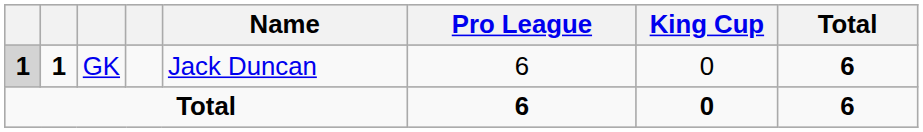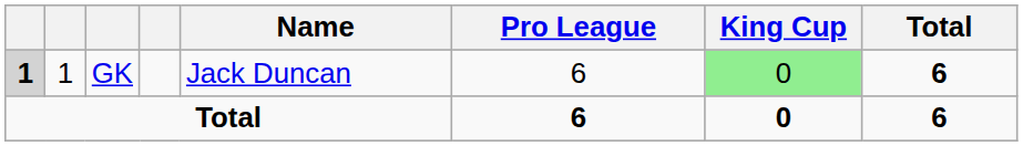 <table class="wikitable" style="text-align:center">
 <tr>
 <th width=15></th>
 <th width=15></th>
 <th width=15></th>
 <th width=15></th>
 <th width=145>Name</th>
 <th width=135><a href='#'>Pro League</a></th>
 <th width=80><a href='#'>King Cup</a></th>
 <th width=80>Total</th>
 </tr>
 <tr>
 <td style="background: lightgrey;"><strong>1</strong></td>
-<td><strong>1</strong></td>
+<td>1</td>
 <td><a href='#'>GK</a></td>
 <td></td>
 <td align=left><a href='#'>Jack Duncan</a></td>
 <td>6</td>
-<td>0</td>
+<td style="background: lightgreen;">0</td>
 <td><strong>6</strong></td>
 </tr>
 <tr>
 <td colspan=5><strong>Total</strong></td>
 <td><strong>6</strong></td>
 <td><strong>0</strong></td>
 <td><strong>6</strong></td>
 </tr>
 </table>
